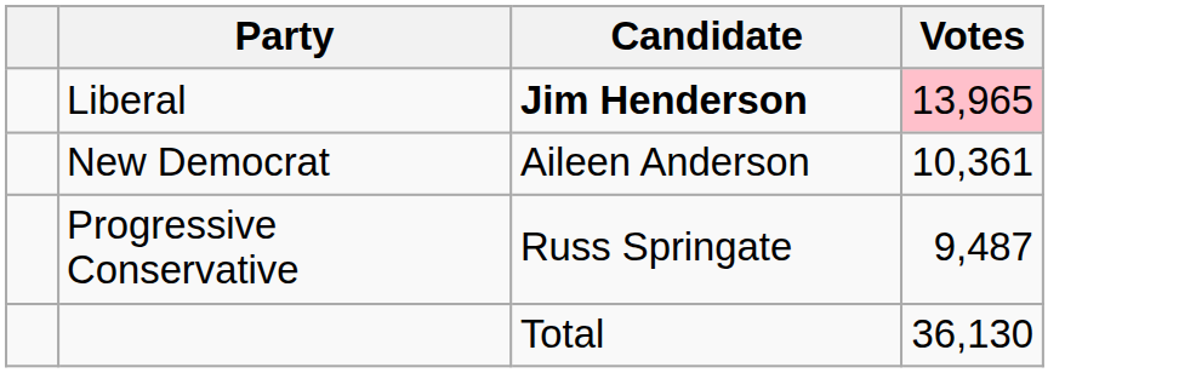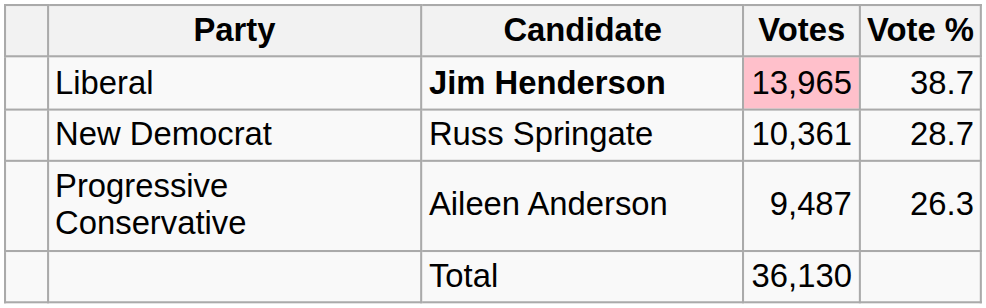 <table class="wikitable">
 <tr>
 <th></th>
 <th scope="col" width="175">Party</th>
 <th scope="col" width="150">Candidate</th>
 <th>Votes</th>
+<th>Vote %</th>
 </tr>
 <tr>
 <td>   </td>
 <td>Liberal</td>
 <td><strong>Jim Henderson</strong></td>
 <td align=right style="background: pink;">13,965</td>
+<td align=right>38.7</td>
 </tr>
 <tr>
 <td>   </td>
 <td>New Democrat</td>
-<td>Aileen Anderson</td>
+<td>Russ Springate</td>
 <td align=right>10,361</td>
+<td align=right>28.7</td>
 </tr>
 <tr |>
 <td>   </td>
 <td>Progressive Conservative</td>
-<td>Russ Springate</td>
+<td>Aileen Anderson</td>
 <td align=right>9,487</td>
+<td align=right>26.3<br>  </td>
 </tr>
 <tr |>
 <td></td>
 <td></td>
 <td>Total</td>
 <td align=right>36,130</td>
+<td></td>
 </tr>
 </table>
